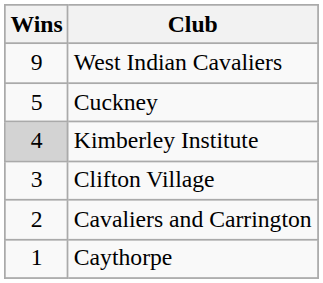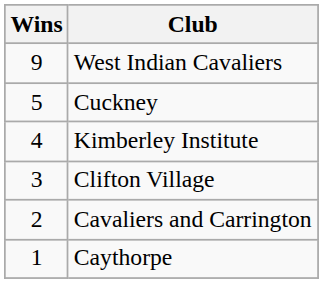 <table class=wikitable style="font-size:85%">
 <tr>
 <th>Wins</th>
 <th>Club</th>
 </tr>
 <tr>
 <td rowspan=1 style="text-align: center;">9</td>
 <td>West Indian Cavaliers</td>
 </tr>
 <tr>
 <td rowspan=1 style="text-align: center;">5</td>
 <td>Cuckney</td>
 </tr>
 <tr>
-<td rowspan=1 style="background: lightgrey; text-align: center;">4</td>
+<td rowspan=1 style="text-align: center;">4</td>
 <td>Kimberley Institute</td>
 </tr>
 <tr>
 <td rowspan=1 style="text-align: center;">3</td>
 <td>Clifton Village</td>
 </tr>
 <tr>
 <td rowspan=1 style="text-align: center;">2</td>
 <td>Cavaliers and Carrington</td>
 </tr>
 <tr>
 <td rowspan=1 style="text-align: center;">1</td>
 <td>Caythorpe</td>
 </tr>
 </table>
